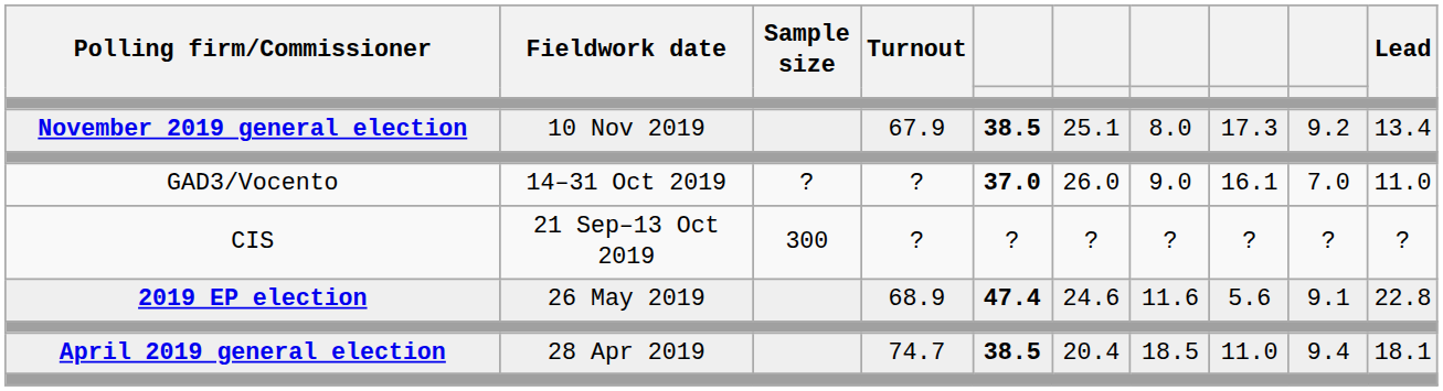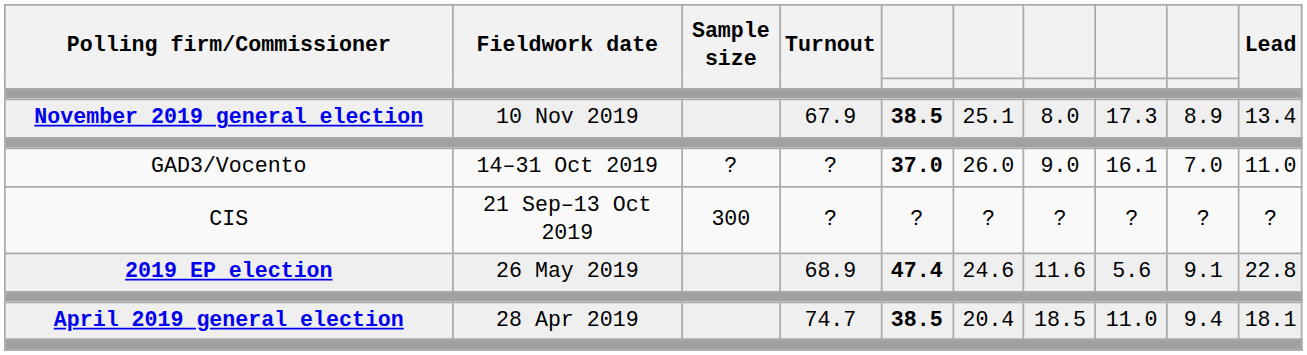 <table class="wikitable collapsible collapsed" style="text-align:center; font-size:95%; line-height:16px;">
 <tr style="height:42px; background-color:#E9E9E9">
 <th style="width:250px;" rowspan="2">Polling firm/Commissioner</th>
 <th style="width:125px;" rowspan="2">Fieldwork date</th>
 <th style="width:50px;" rowspan="2">Sample size</th>
 <th style="width:45px;" rowspan="2">Turnout</th>
 <th style="width:35px;"></th>
 <th style="width:35px;"></th>
 <th style="width:35px;"></th>
 <th style="width:35px;"></th>
 <th style="width:35px;"></th>
 <th style="width:30px;" rowspan="2">Lead</th>
 </tr>
 <tr>
 <th style="color:inherit;background:"></th>
 <th style="color:inherit;background:"></th>
 <th style="color:inherit;background:"></th>
 <th style="color:inherit;background:"></th>
 <th style="color:inherit;background:"></th>
 </tr>
 <tr>
 <td colspan="10" style="background:#A0A0A0"></td>
 </tr>
 <tr style="background:#EFEFEF;">
 <td><strong><a href='#'>November 2019 general election</a></strong></td>
 <td>10 Nov 2019</td>
 <td></td>
 <td>67.9</td>
 <td><strong>38.5</strong><br></td>
 <td>25.1<br></td>
 <td>8.0<br></td>
 <td>17.3<br></td>
-<td>9.2<br></td>
+<td>8.9<br></td>
 <td style="background:">13.4</td>
 </tr>
 <tr>
 <td colspan="10" style="background:#A0A0A0"></td>
 </tr>
 <tr>
 <td>GAD3/Vocento</td>
 <td>14–31 Oct 2019</td>
 <td>?</td>
 <td>?</td>
 <td><strong>37.0</strong><br></td>
 <td>26.0<br></td>
 <td>9.0<br></td>
 <td>16.1<br></td>
 <td>7.0<br></td>
 <td style="background:">11.0</td>
 </tr>
 <tr>
 <td>CIS</td>
 <td>21 Sep–13 Oct 2019</td>
 <td>300</td>
 <td>?</td>
 <td>?<br></td>
 <td>?<br></td>
 <td>?<br></td>
 <td>?<br></td>
 <td>?<br></td>
 <td style="background:">?</td>
 </tr>
 <tr style="background:#EFEFEF;">
 <td><strong><a href='#'>2019 EP election</a></strong></td>
 <td>26 May 2019</td>
 <td></td>
 <td>68.9</td>
 <td><strong>47.4</strong><br></td>
 <td>24.6<br></td>
 <td>11.6<br></td>
 <td>5.6<br></td>
 <td>9.1<br></td>
 <td style="background:">22.8</td>
 </tr>
 <tr>
 <td colspan="10" style="background:#A0A0A0"></td>
 </tr>
 <tr style="background:#EFEFEF;">
 <td><strong><a href='#'>April 2019 general election</a></strong></td>
 <td>28 Apr 2019</td>
 <td></td>
 <td>74.7</td>
 <td><strong>38.5</strong><br></td>
 <td>20.4<br></td>
 <td>18.5<br></td>
 <td>11.0<br></td>
 <td>9.4<br></td>
 <td style="background:">18.1</td>
 </tr>
 <tr>
 <td colspan="10" style="background:#A0A0A0"></td>
 </tr>
 <tr>
 </tr>
 </table>
